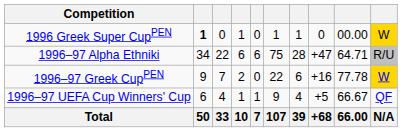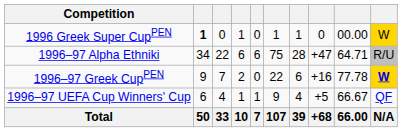 <table class="wikitable" style="text-align:center">
 <tr>
 <th>Competition</th>
 <th></th>
 <th></th>
 <th></th>
 <th></th>
 <th></th>
 <th></th>
 <th></th>
 <th></th>
 <th></th>
 </tr>
 <tr>
 <td><a href='#'>1996 Greek Super Cup</a><sup><a href='#'>PEN</a></sup></td>
 <td><strong>1</strong></td>
 <td>0</td>
 <td>1</td>
 <td>0</td>
 <td>1</td>
 <td>1</td>
 <td>0</td>
 <td>00.00</td>
 <td bgcolor=#FFD700>W</td>
 </tr>
 <tr>
 <td><a href='#'>1996–97 Alpha Ethniki</a></td>
 <td>34</td>
 <td>22</td>
 <td>6</td>
 <td>6</td>
 <td>75</td>
 <td>28</td>
 <td>+47</td>
 <td>64.71</td>
 <td bgcolor=#C0C0C0>R/U</td>
 </tr>
 <tr>
 <td><a href='#'>1996–97 Greek Cup</a><sup><a href='#'>PEN</a></sup></td>
 <td>9</td>
 <td>7</td>
 <td>2</td>
 <td>0</td>
 <td>22</td>
 <td>6</td>
 <td>+16</td>
 <td>77.78</td>
-<td bgcolor=#FFD700><a href='#'>W</a></td>
+<td bgcolor=#FFD700><strong><a href='#'>W</a></strong></td>
 </tr>
 <tr>
 <td><a href='#'>1996–97 UEFA Cup Winners' Cup</a></td>
 <td>6</td>
 <td>4</td>
 <td>1</td>
 <td>1</td>
 <td>9</td>
 <td>4</td>
 <td>+5</td>
 <td>66.67</td>
 <td><a href='#'>QF</a></td>
 </tr>
 <tr>
 <th>Total</th>
 <th>50</th>
 <th>33</th>
 <th>10</th>
 <th>7</th>
 <th>107</th>
 <th>39</th>
 <th>+68</th>
 <th>66.00</th>
 <th>Ν/Α</th>
 </tr>
 </table>
